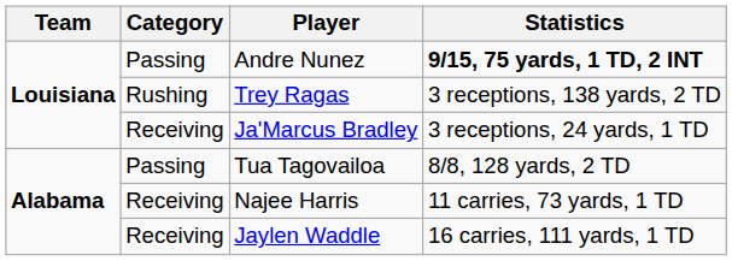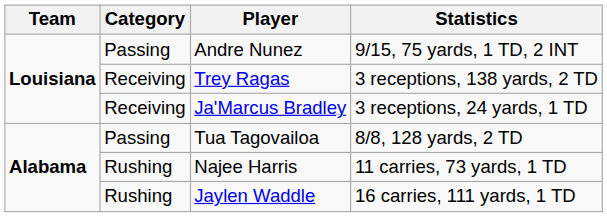 <table class="wikitable" style="float: right;">
 <tr>
 <th>Team</th>
 <th>Category</th>
 <th>Player</th>
 <th>Statistics</th>
 </tr>
 <tr>
 <td rowspan=3><strong>Louisiana</strong></td>
 <td>Passing</td>
 <td>Andre Nunez</td>
-<td><strong>9/15, 75 yards, 1 TD, 2 INT</strong></td>
+<td>9/15, 75 yards, 1 TD, 2 INT</td>
 </tr>
 <tr>
-<td>Rushing</td>
+<td>Receiving</td>
 <td><a href='#'>Trey Ragas</a></td>
 <td>3 receptions, 138 yards, 2 TD</td>
 </tr>
 <tr>
 <td>Receiving</td>
 <td><a href='#'>Ja'Marcus Bradley</a></td>
 <td>3 receptions, 24 yards, 1 TD</td>
 </tr>
 <tr>
 <td rowspan=3><strong>Alabama</strong></td>
 <td>Passing</td>
 <td>Tua Tagovailoa</td>
 <td>8/8, 128 yards, 2 TD</td>
 </tr>
 <tr>
-<td>Receiving</td>
+<td>Rushing</td>
 <td>Najee Harris</td>
 <td>11 carries, 73 yards, 1 TD</td>
 </tr>
 <tr>
-<td>Receiving</td>
+<td>Rushing</td>
 <td><a href='#'>Jaylen Waddle</a></td>
 <td>16 carries, 111 yards, 1 TD</td>
 </tr>
 </table>
